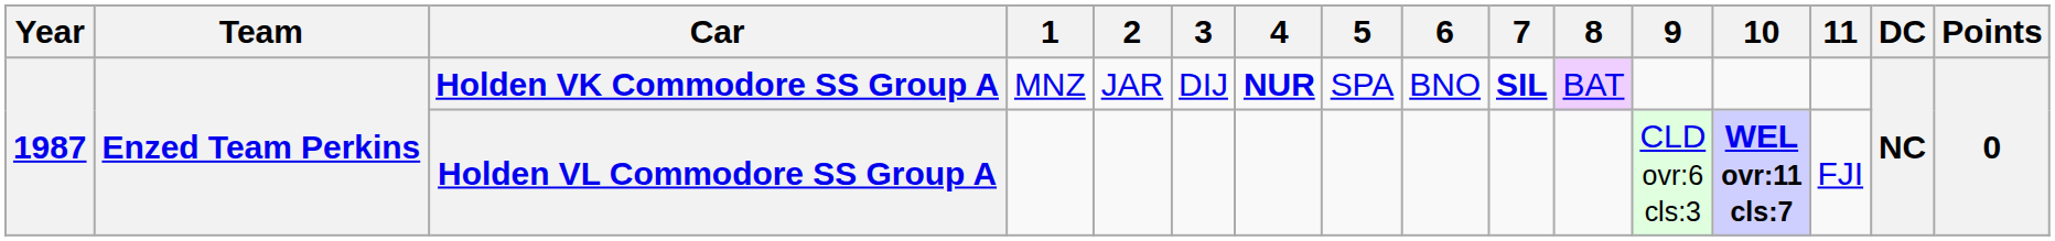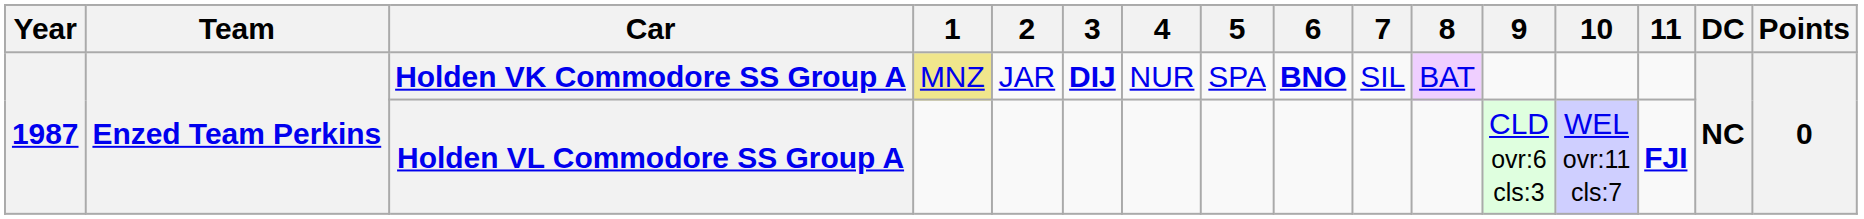 <table class="wikitable" style="text-align:center; font-size:95%">
 <tr>
 <th>Year</th>
 <th>Team</th>
 <th>Car</th>
 <th>1</th>
 <th>2</th>
 <th>3</th>
 <th>4</th>
 <th>5</th>
 <th>6</th>
 <th>7</th>
 <th>8</th>
 <th>9</th>
 <th>10</th>
 <th>11</th>
 <th>DC</th>
 <th>Points</th>
 </tr>
 <tr>
 <th rowspan=2><a href='#'>1987</a></th>
 <th rowspan=2> <a href='#'>Enzed Team Perkins</a></th>
 <th><a href='#'>Holden VK Commodore SS Group A</a></th>
-<td><a href='#'>MNZ</a></td>
+<td style="background: khaki;"><a href='#'>MNZ</a></td>
 <td><a href='#'>JAR</a></td>
-<td><a href='#'>DIJ</a></td>
-<td><strong><a href='#'>NUR</a></strong></td>
+<td><strong><a href='#'>DIJ</a></strong></td>
+<td><a href='#'>NUR</a></td>
 <td><a href='#'>SPA</a></td>
-<td><a href='#'>BNO</a></td>
-<td><strong><a href='#'>SIL</a></strong></td>
+<td><strong><a href='#'>BNO</a></strong></td>
+<td><a href='#'>SIL</a></td>
 <td style="background:#efcfff;"><a href='#'>BAT</a><br></td>
 <td></td>
 <td></td>
 <td></td>
 <th rowspan=2>NC</th>
 <th rowspan=2>0</th>
 </tr>
 <tr>
 <th><a href='#'>Holden VL Commodore SS Group A</a></th>
 <td></td>
 <td></td>
 <td></td>
 <td></td>
 <td></td>
 <td></td>
 <td></td>
 <td></td>
 <td style="background-color:#dfffdf;"><a href='#'>CLD</a><br><small>ovr:6<br>cls:3</small></td>
-<td style="background-color:#cfcfff;"><strong><a href='#'>WEL</a><br><small>ovr:11<br>cls:7</small></strong></td>
-<td><a href='#'>FJI</a></td>
+<td style="background-color:#cfcfff;"><a href='#'>WEL</a><br><small>ovr:11<br>cls:7</small></td>
+<td><strong><a href='#'>FJI</a></strong></td>
 </tr>
 </table>
